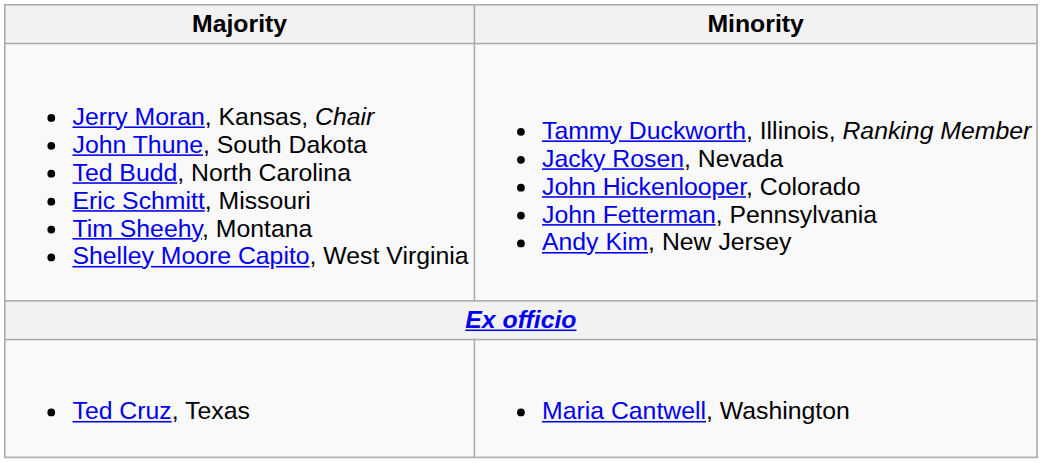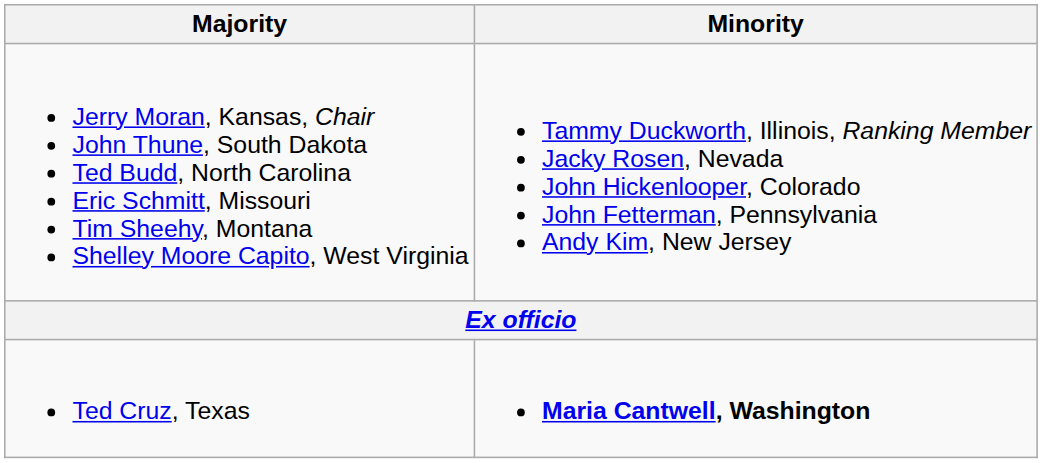 <table class=wikitable>
 <tr>
 <th>Majority</th>
 <th>Minority</th>
 </tr>
 <tr>
 <td><br><ul><li><a href='#'>Jerry Moran</a>, Kansas, <em>Chair</em></li><li><a href='#'>John Thune</a>, South Dakota</li><li><a href='#'>Ted Budd</a>, North Carolina</li><li><a href='#'>Eric Schmitt</a>, Missouri</li><li><a href='#'>Tim Sheehy</a>, Montana</li><li><a href='#'>Shelley Moore Capito</a>, West Virginia</li></ul></td>
 <td><br><ul><li><a href='#'>Tammy Duckworth</a>, Illinois, <em>Ranking Member</em></li><li><a href='#'>Jacky Rosen</a>, Nevada</li><li><a href='#'>John Hickenlooper</a>, Colorado</li><li><a href='#'>John Fetterman</a>, Pennsylvania</li><li><a href='#'>Andy Kim</a>, New Jersey</li></ul></td>
 </tr>
 <tr>
 <th colspan=2><em><a href='#'>Ex officio</a></em></th>
 </tr>
 <tr>
 <td><br><ul><li><a href='#'>Ted Cruz</a>, Texas</li></ul></td>
-<td><br><ul><li><a href='#'>Maria Cantwell</a>, Washington</li></ul></td>
+<td><strong><br><ul><li><a href='#'>Maria Cantwell</a>, Washington</li></ul></strong></td>
 </tr>
 </table>
